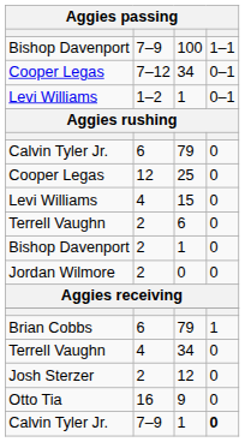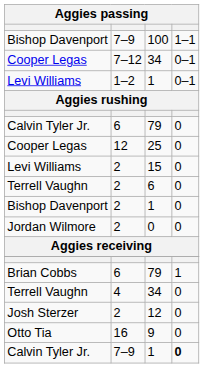 <table class="wikitable plainrowheaders">
 <tr>
 <th colspan="6">Aggies passing</th>
 </tr>
 <tr>
 <th scope="col"></th>
 <th scope="col"></th>
 <th scope="col"></th>
 <th scope="col"></th>
 </tr>
 <tr>
 <td>Bishop Davenport</td>
 <td>7–9</td>
 <td>100</td>
 <td>1–1</td>
 </tr>
 <tr>
 <td><a href='#'>Cooper Legas</a></td>
 <td>7–12</td>
 <td>34</td>
 <td>0–1</td>
 </tr>
 <tr>
 <td><a href='#'>Levi Williams</a></td>
 <td>1–2</td>
 <td>1</td>
 <td>0–1</td>
 </tr>
 <tr>
 <th colspan="6">Aggies rushing</th>
 </tr>
 <tr>
 <th scope="col"></th>
 <th scope="col"></th>
 <th scope="col"></th>
 <th scope="col"></th>
 </tr>
 <tr>
 <td>Calvin Tyler Jr.</td>
 <td>6</td>
 <td>79</td>
 <td>0</td>
 </tr>
 <tr>
 <td>Cooper Legas</td>
 <td>12</td>
 <td>25</td>
 <td>0</td>
 </tr>
 <tr>
 <td>Levi Williams</td>
-<td>4</td>
+<td>2</td>
 <td>15</td>
 <td>0</td>
 </tr>
 <tr>
 <td>Terrell Vaughn</td>
 <td>2</td>
 <td>6</td>
 <td>0</td>
 </tr>
 <tr>
 <td>Bishop Davenport</td>
 <td>2</td>
 <td>1</td>
 <td>0</td>
 </tr>
 <tr>
 <td>Jordan Wilmore</td>
 <td>2</td>
 <td>0</td>
 <td>0</td>
 </tr>
 <tr>
 <th colspan="6">Aggies receiving</th>
 </tr>
 <tr>
 </tr>
 <tr>
 <th scope="col"></th>
 <th scope="col"></th>
 <th scope="col"></th>
 <th scope="col"></th>
 </tr>
 <tr>
 <td>Brian Cobbs</td>
 <td>6</td>
 <td>79</td>
 <td>1</td>
 </tr>
 <tr>
 <td>Terrell Vaughn</td>
 <td>4</td>
 <td>34</td>
 <td>0</td>
 </tr>
 <tr>
 <td>Josh Sterzer</td>
 <td>2</td>
 <td>12</td>
 <td>0</td>
 </tr>
 <tr>
 <td>Otto Tia</td>
 <td>16</td>
 <td>9</td>
 <td>0</td>
 </tr>
 <tr>
 <td>Calvin Tyler Jr.</td>
 <td>7–9</td>
 <td>1</td>
 <td><strong>0</strong></td>
 </tr>
 </table>
